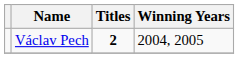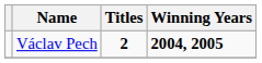 <table class="wikitable" style="font-size: 85%">
 <tr>
 <th></th>
 <th>Name</th>
 <th>Titles</th>
 <th>Winning Years</th>
 </tr>
 <tr>
 <td></td>
 <td><a href='#'>Václav Pech</a></td>
 <td style="text-align:center;"><strong>2</strong></td>
-<td>2004, 2005</td>
+<td><strong>2004, 2005</strong></td>
 </tr>
 <tr>
 </tr>
 </table>
